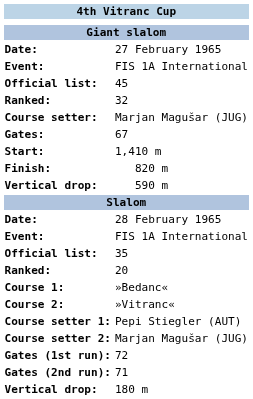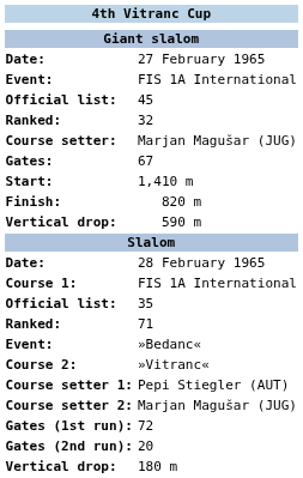 <table border=0 class="toccolours float-right" align="right" style="margin:0 0 0.5em 1em; font-size: 85%;">
 <tr>
 <th bgcolor=#BCD4E6 colspan=2 align="center">4th Vitranc Cup</th>
 </tr>
 <tr>
 <td align="center" colspan=2></td>
 </tr>
 <tr>
 <th bgcolor=#b0c4de colspan=2 align="center">Giant slalom</th>
 </tr>
 <tr>
 <td><strong>Date:</strong></td>
 <td>27 February 1965</td>
 </tr>
 <tr>
 <td><strong>Event:</strong></td>
 <td>FIS 1A International</td>
 </tr>
 <tr>
 <td><strong>Official list:</strong></td>
 <td>45</td>
 </tr>
 <tr>
 <td><strong>Ranked:</strong></td>
 <td>32</td>
 </tr>
 <tr>
 <td><strong>Course setter:</strong></td>
 <td>Marjan Magušar (JUG)</td>
 </tr>
 <tr>
 <td><strong>Gates:</strong></td>
 <td>67</td>
 </tr>
 <tr>
 <td><strong>Start:</strong></td>
 <td>1,410 m</td>
 </tr>
 <tr>
 <td><strong>Finish:</strong></td>
 <td>   820 m</td>
 </tr>
 <tr>
 <td><strong>Vertical drop:</strong></td>
 <td>   590 m</td>
 </tr>
 <tr>
 <th bgcolor=#b0c4de colspan=2 align="center">Slalom</th>
 </tr>
 <tr>
 <td><strong>Date:</strong></td>
 <td>28 February 1965</td>
 </tr>
 <tr>
-<td><strong>Event:</strong></td>
+<td><strong>Course 1:</strong></td>
 <td>FIS 1A International</td>
 </tr>
 <tr>
 <td><strong>Official list:</strong></td>
 <td>35</td>
 </tr>
 <tr>
 <td><strong>Ranked:</strong></td>
-<td>20</td>
+<td>71</td>
 </tr>
 <tr>
-<td><strong>Course 1:</strong></td>
+<td><strong>Event:</strong></td>
 <td>»Bedanc«</td>
 </tr>
 <tr>
 <td><strong>Course 2:</strong></td>
 <td>»Vitranc«</td>
 </tr>
 <tr>
 <td><strong>Course setter 1:</strong></td>
 <td>Pepi Stiegler (AUT)</td>
 </tr>
 <tr>
 <td><strong>Course setter 2:</strong></td>
 <td>Marjan Magušar (JUG)</td>
 </tr>
 <tr>
 <td><strong>Gates (1st run):</strong></td>
 <td>72</td>
 </tr>
 <tr>
 <td><strong>Gates (2nd run):</strong></td>
-<td>71</td>
+<td>20</td>
 </tr>
 <tr>
 <td><strong>Vertical drop:</strong></td>
 <td>180 m</td>
 </tr>
 </table>
